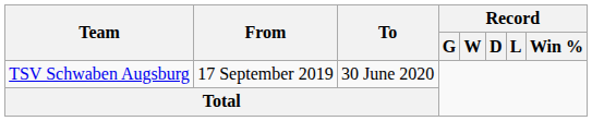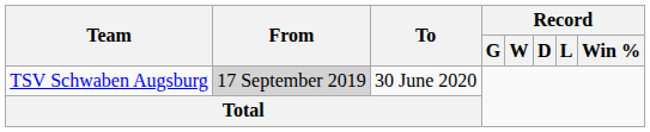 <table class="wikitable" style="text-align: center">
 <tr>
 <th rowspan="2">Team</th>
 <th rowspan="2">From</th>
 <th rowspan="2">To</th>
 <th colspan="5">Record</th>
 </tr>
 <tr>
 <th>G</th>
 <th>W</th>
 <th>D</th>
 <th>L</th>
 <th>Win %</th>
 </tr>
 <tr>
 <td align=left><a href='#'>TSV Schwaben Augsburg</a></td>
-<td align=left>17 September 2019</td>
+<td align=left style="background: lightgrey;">17 September 2019</td>
 <td align=left>30 June 2020<br></td>
 </tr>
 <tr>
 <th colspan="3">Total<br></th>
 </tr>
 </table>
